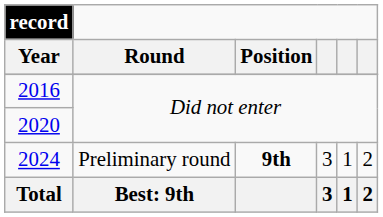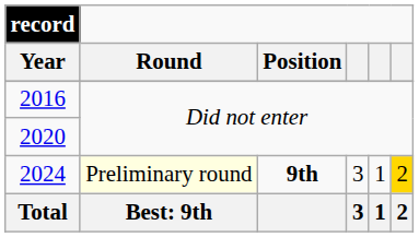 <table class="wikitable" style="font-size:90%; text-align:center;" "class="wikitable">
 <tr>
 <th style="background:#000000; color:#FFFFFF; "><a href='#'></a> record</th>
 </tr>
 <tr>
 <th>Year</th>
 <th>Round</th>
 <th>Position</th>
 <th></th>
 <th></th>
 <th></th>
 </tr>
 <tr>
 </tr>
 <tr>
 <td> <a href='#'>2016</a></td>
 <td colspan="5" rowspan="2"><em>Did not enter</em></td>
 </tr>
 <tr>
 <td> <a href='#'>2020</a></td>
 </tr>
 <tr>
 <td> <a href='#'>2024</a></td>
-<td>Preliminary round</td>
+<td style="background: lightyellow;">Preliminary round</td>
 <td><strong>9th</strong></td>
 <td>3</td>
 <td>1</td>
-<td>2</td>
+<td style="background: gold;">2</td>
 </tr>
 <tr>
 <th>Total</th>
 <th>Best: 9th</th>
 <th></th>
 <th>3</th>
 <th>1</th>
 <th>2</th>
 </tr>
 </table>
